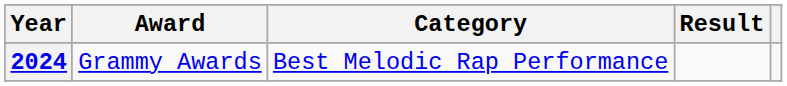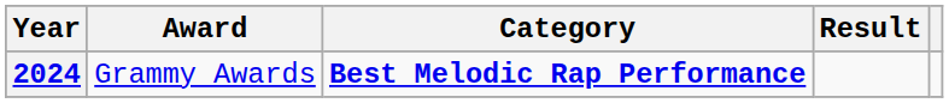 <table class="wikitable plainrowheaders">
 <tr align=center>
 <th scope="col">Year</th>
 <th scope="col">Award</th>
 <th scope="col">Category</th>
 <th scope="col">Result</th>
 <th scope="col"></th>
 </tr>
 <tr>
 <th scope="row"><a href='#'>2024</a></th>
 <td><a href='#'>Grammy Awards</a></td>
-<td><a href='#'>Best Melodic Rap Performance</a></td>
+<td><strong><a href='#'>Best Melodic Rap Performance</a></strong></td>
 <td></td>
 <td style="text-align:center;" rowspan="3"></td>
 </tr>
 </table>
